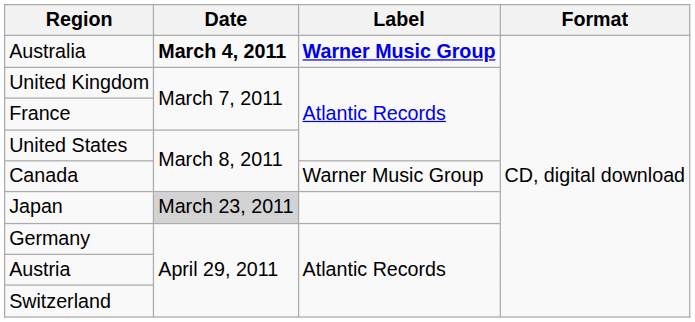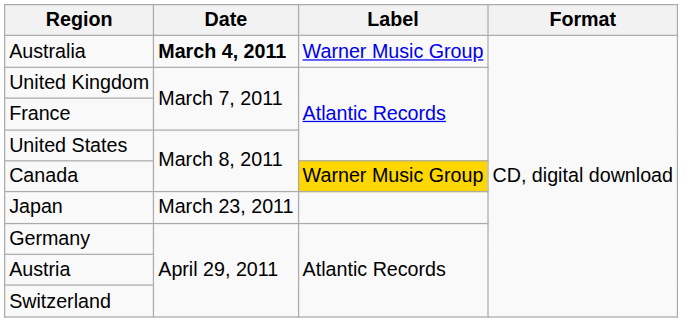 <table class="wikitable">
 <tr>
 <th>Region</th>
 <th>Date</th>
 <th>Label</th>
 <th>Format</th>
 </tr>
 <tr>
 <td>Australia</td>
 <td><strong>March 4, 2011</strong></td>
-<td><strong><a href='#'>Warner Music Group</a></strong></td>
+<td><a href='#'>Warner Music Group</a></td>
 <td rowspan="9">CD, digital download</td>
 </tr>
 <tr>
 <td>United Kingdom</td>
 <td rowspan="2">March 7, 2011</td>
 <td rowspan="3"><a href='#'>Atlantic Records</a></td>
 </tr>
 <tr>
 <td>France</td>
 </tr>
 <tr>
 <td>United States</td>
 <td rowspan="2">March 8, 2011</td>
 </tr>
 <tr>
 <td>Canada</td>
-<td>Warner Music Group</td>
+<td style="background: gold;">Warner Music Group</td>
 </tr>
 <tr>
 <td>Japan</td>
-<td style="background: lightgrey;">March 23, 2011</td>
+<td>March 23, 2011</td>
 </tr>
 <tr>
 <td>Germany</td>
 <td rowspan="3">April 29, 2011</td>
 <td rowspan="3">Atlantic Records</td>
 </tr>
 <tr>
 <td>Austria</td>
 </tr>
 <tr>
 <td>Switzerland</td>
 </tr>
 </table>
